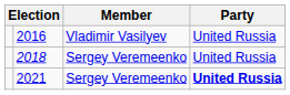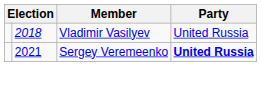 <table class="wikitable">
 <tr>
 <th colspan="2">Election</th>
 <th>Member</th>
 <th>Party</th>
 </tr>
 <tr>
 <td style="background-color: "></td>
-<td><a href='#'>2016</a></td>
+<td><em><a href='#'>2018</a></em></td>
 <td><a href='#'>Vladimir Vasilyev</a></td>
-<td><a href='#'>United Russia</a></td>
-</tr>
-<tr>
-<td style="background-color: "></td>
-<td><em><a href='#'>2018</a></em></td>
-<td><a href='#'>Sergey Veremeenko</a></td>
 <td><a href='#'>United Russia</a></td>
 </tr>
 <tr>
 <td style="background-color: "></td>
 <td><a href='#'>2021</a></td>
 <td><a href='#'>Sergey Veremeenko</a></td>
 <td><strong><a href='#'>United Russia</a></strong></td>
 </tr>
 </table>
